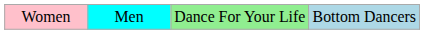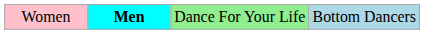 <table class="wikitable" style="margin:1em auto; text-align:center;">
 <tr>
 </tr>
 <tr>
 <td style="background:pink;" width="20%">Women</td>
-<td style="background:cyan;" width="20%">Men</td>
+<td style="background:cyan;" width="20%"><strong>Men</strong></td>
 <td style="background:lightgreen;">Dance For Your Life</td>
 <td style="background:lightblue;">Bottom Dancers</td>
 </tr>
 </table>
